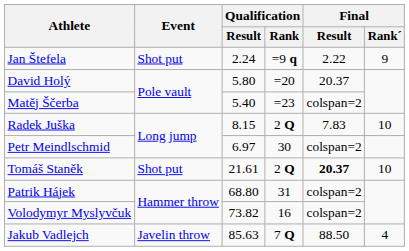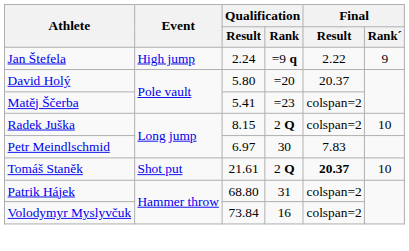 <table class=wikitable style="font-size:90%">
 <tr>
 <th rowspan="2">Athlete</th>
 <th rowspan="2">Event</th>
 <th colspan="2">Qualification</th>
 <th colspan="2">Final</th>
 </tr>
 <tr style="font-size:95%">
 <th>Result</th>
 <th>Rank</th>
 <th>Result</th>
 <th>Rank´</th>
 </tr>
 <tr align=center>
 <td align=left><a href='#'>Jan Štefela</a></td>
-<td align=left><a href='#'>Shot put</a></td>
+<td align=left><a href='#'>High jump</a></td>
 <td>2.24</td>
 <td>=9 <strong>q</strong></td>
 <td>2.22</td>
 <td>9</td>
 </tr>
 <tr align=center>
 <td align=left><a href='#'>David Holý</a></td>
 <td align=left rowspan=2><a href='#'>Pole vault</a></td>
 <td>5.80</td>
 <td>=20</td>
 <td>20.37</td>
 </tr>
 <tr align=center>
 <td align=left><a href='#'>Matěj Ščerba</a></td>
-<td>5.40</td>
+<td>5.41</td>
 <td>=23</td>
 <td>colspan=2 </td>
 </tr>
 <tr align=center>
 <td align=left><a href='#'>Radek Juška</a></td>
 <td align=left rowspan=2><a href='#'>Long jump</a></td>
 <td>8.15</td>
 <td>2 <strong>Q</strong></td>
-<td>7.83</td>
+<td>colspan=2 </td>
 <td>10</td>
 </tr>
 <tr align=center>
 <td align=left><a href='#'>Petr Meindlschmid</a></td>
 <td>6.97</td>
 <td>30</td>
-<td>colspan=2 </td>
+<td>7.83</td>
 </tr>
 <tr align=center>
 <td align=left><a href='#'>Tomáš Staněk</a></td>
 <td align=left><a href='#'>Shot put</a></td>
 <td>21.61 <strong></strong></td>
 <td>2 <strong>Q</strong></td>
 <td><strong>20.37</strong></td>
 <td>10</td>
 </tr>
 <tr align=center>
 <td align=left><a href='#'>Patrik Hájek</a></td>
 <td align=left rowspan=2><a href='#'>Hammer throw</a></td>
 <td>68.80</td>
 <td>31</td>
 <td>colspan=2 </td>
 </tr>
 <tr align=center>
 <td align=left><a href='#'>Volodymyr Myslyvčuk</a></td>
-<td>73.82</td>
+<td>73.84</td>
 <td>16</td>
 <td>colspan=2 </td>
 </tr>
-<tr align=center>
-<td align=left><a href='#'>Jakub Vadlejch</a></td>
-<td align=left><a href='#'>Javelin throw</a></td>
-<td>85.63</td>
-<td>7 <strong>Q</strong></td>
-<td>88.50</td>
-<td>4</td>
-</tr>
 </table>
